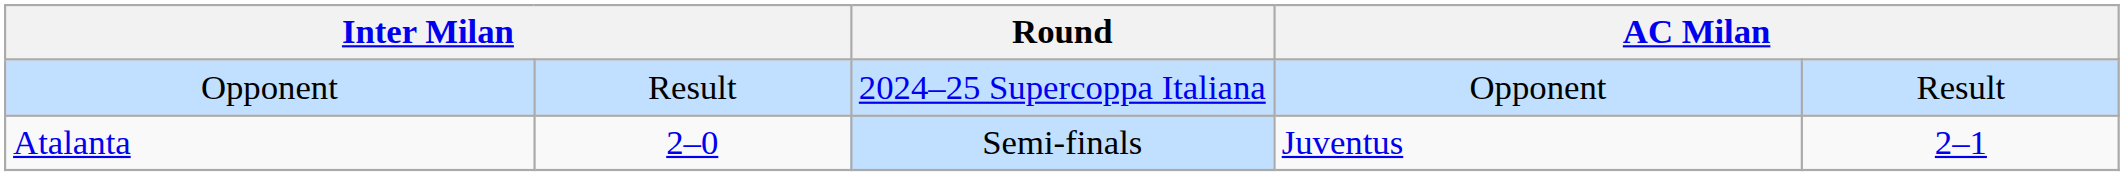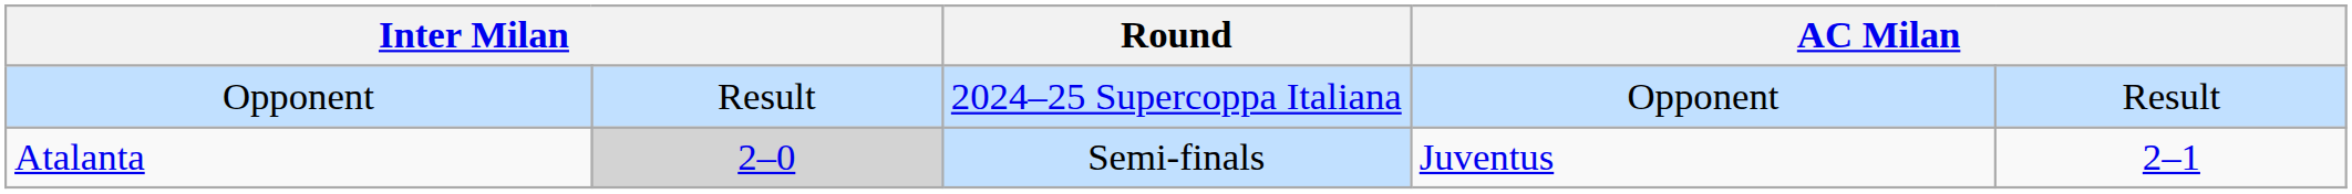 <table class="wikitable" style="text-align:center; white-space:nowrap;">
 <tr>
 <th colspan="2"><a href='#'>Inter Milan</a></th>
 <th>Round</th>
 <th colspan="2"><a href='#'>AC Milan</a></th>
 </tr>
 <tr style="background:#C1E0FF;">
 <td style="width:25%;">Opponent</td>
 <td style="width:15%;">Result</td>
 <td><a href='#'>2024–25 Supercoppa Italiana</a></td>
 <td style="width:25%;">Opponent</td>
 <td style="width:15%;">Result</td>
 </tr>
 <tr>
 <td style="text-align:left;"><a href='#'>Atalanta</a></td>
-<td><a href='#'>2–0</a></td>
+<td style="background: lightgrey;"><a href='#'>2–0</a></td>
 <td style="background:#C1E0FF;">Semi-finals</td>
 <td style="text-align:left;"><a href='#'>Juventus</a></td>
 <td><a href='#'>2–1</a></td>
 </tr>
 </table>
